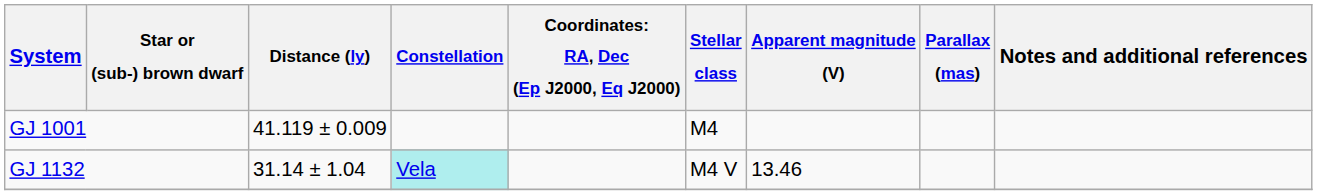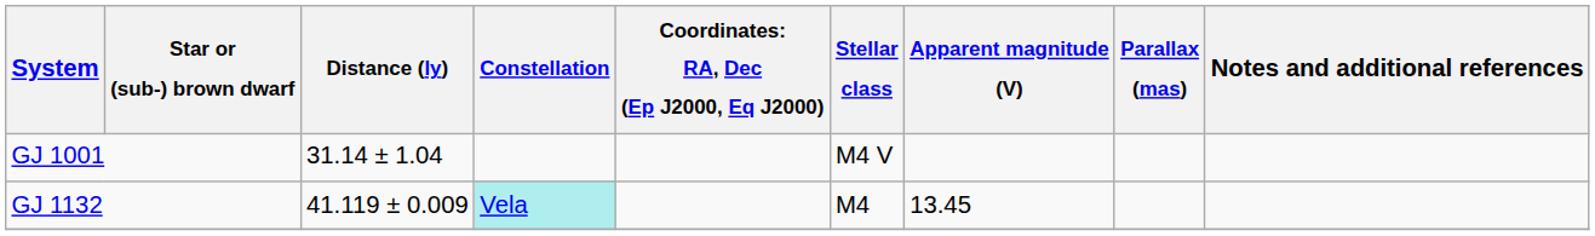 <table class="wikitable sortable" style="font-size:90%; line-height:1.5em; position:relative">
 <tr>
 <th scope="col"><a href='#'>System</a></th>
 <th><small>Star or<br>(sub-) brown dwarf</small></th>
 <th scope="col"><small>Distance (<a href='#'>ly</a>)</small></th>
 <th><small><a href='#'>Constellation</a></small></th>
 <th><small>Coordinates:<br><a href='#'>RA</a>, <a href='#'>Dec</a><br>(<a href='#'>Ep</a> J2000, <a href='#'>Eq</a> J2000)</small></th>
 <th scope="col"><small><a href='#'>Stellar<br>class</a></small></th>
 <th scope="col"><small><a href='#'>Apparent magnitude</a><br>(V)</small></th>
 <th scope="col"><small><a href='#'>Parallax</a><br>(<a href='#'>mas</a>)</small></th>
 <th scope="col">Notes and additional references</th>
 </tr>
 <tr>
 <td colspan = '2'><a href='#'>GJ 1001</a></td>
-<td>41.119 ± 0.009</td>
+<td>31.14 ± 1.04</td>
 <td></td>
 <td></td>
-<td style="background: ">M4</td>
+<td style="background: ">M4 V</td>
 <td></td>
 <td></td>
 <td></td>
 </tr>
 <tr>
 <td colspan = '2'><a href='#'>GJ 1132</a></td>
-<td>31.14 ± 1.04</td>
+<td>41.119 ± 0.009</td>
 <td style="background: paleturquoise;"><a href='#'>Vela</a></td>
 <td></td>
-<td style="background: ">M4 V</td>
-<td>13.46</td>
+<td style="background: ">M4</td>
+<td>13.45</td>
 <td></td>
 <td></td>
 </tr>
 <tr>
 </tr>
 </table>
